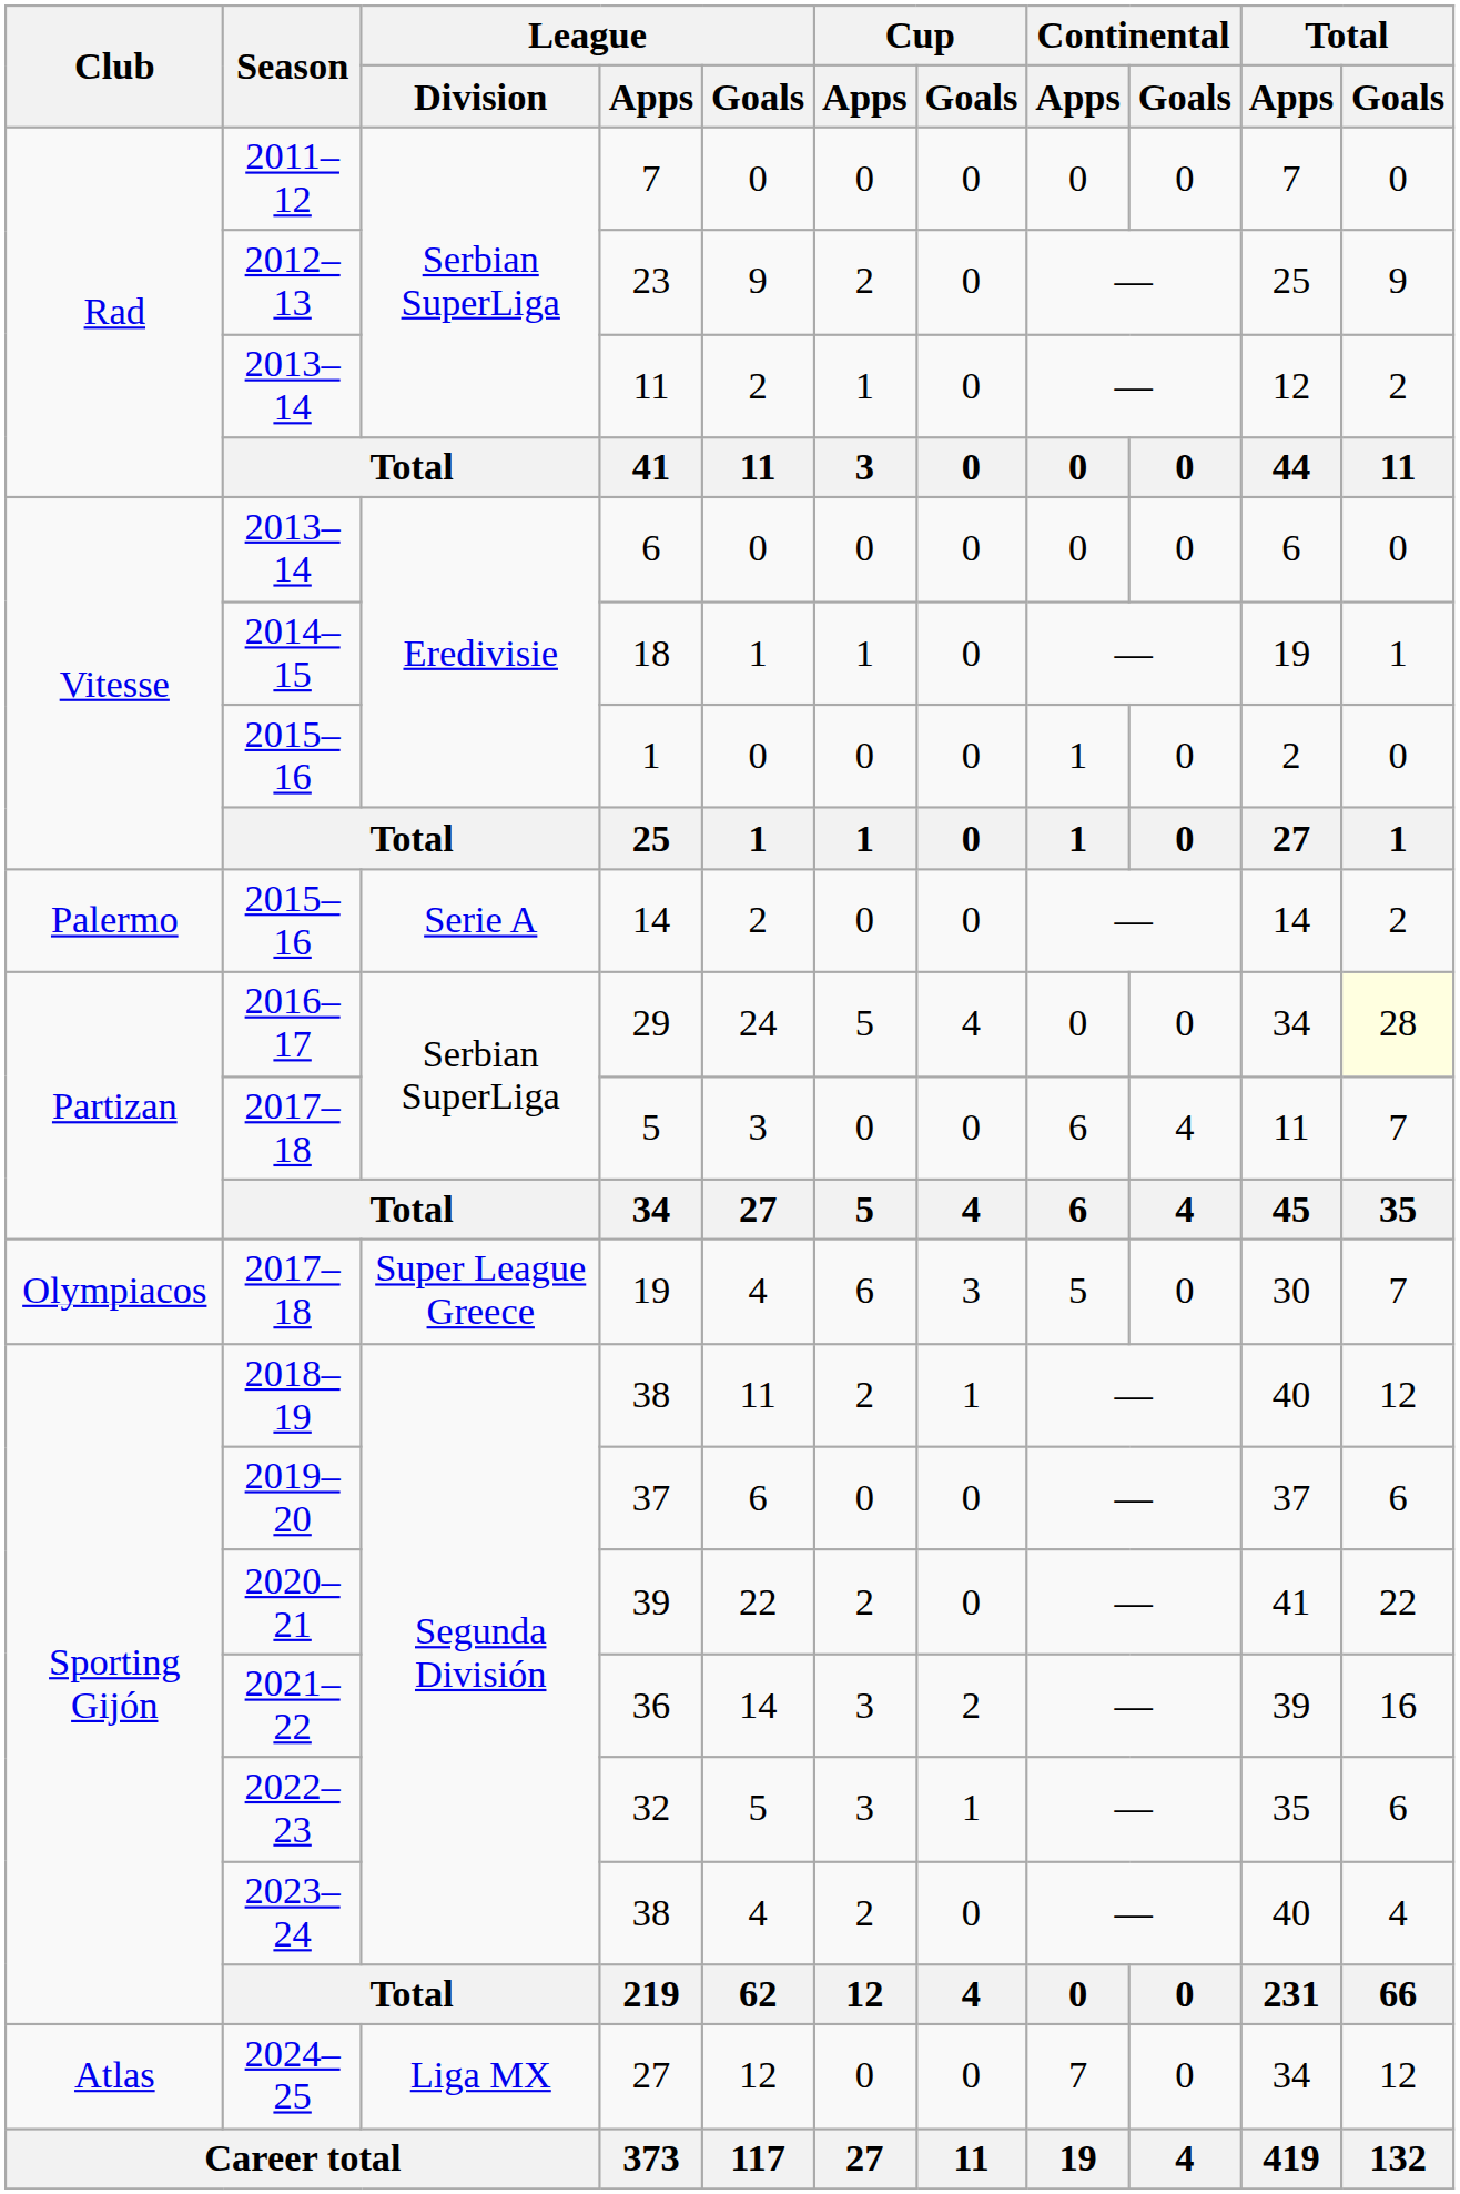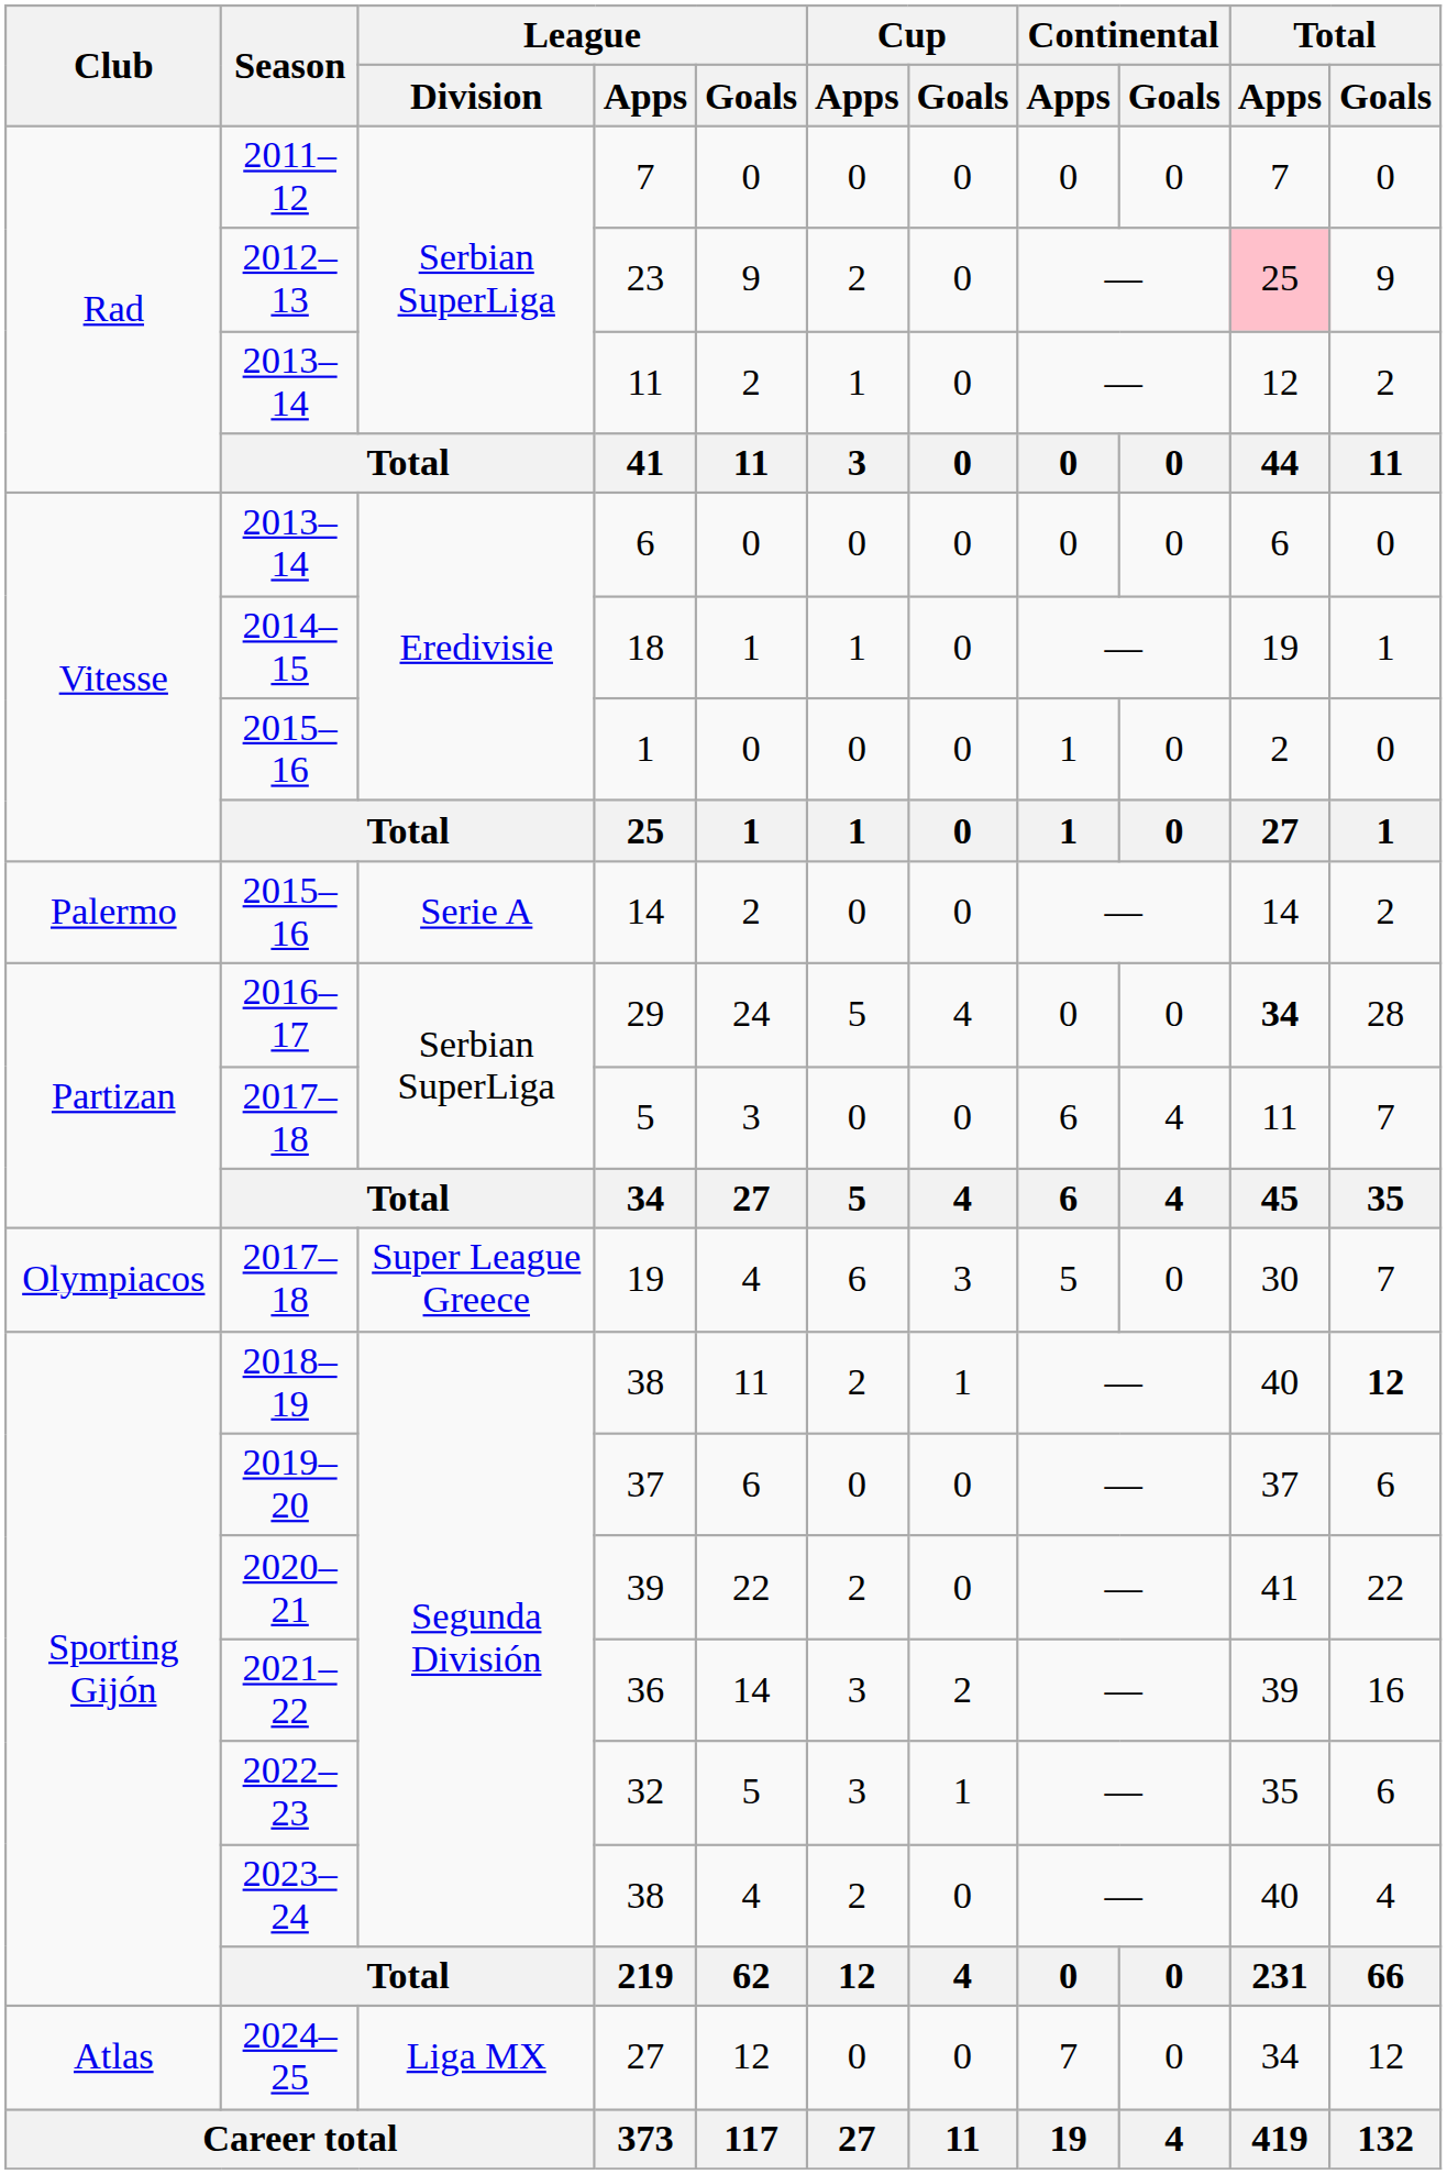 <table class="wikitable" style="text-align:center">
 <tr>
 <th rowspan="2">Club</th>
 <th rowspan="2">Season</th>
 <th colspan="3">League</th>
 <th colspan="2">Cup</th>
 <th colspan="2">Continental</th>
 <th colspan="2">Total</th>
 </tr>
 <tr>
 <th>Division</th>
 <th>Apps</th>
 <th>Goals</th>
 <th>Apps</th>
 <th>Goals</th>
 <th>Apps</th>
 <th>Goals</th>
 <th>Apps</th>
 <th>Goals</th>
 </tr>
 <tr>
 <td rowspan="4"><a href='#'>Rad</a></td>
 <td><a href='#'>2011–12</a></td>
 <td rowspan="3"><a href='#'>Serbian SuperLiga</a></td>
 <td>7</td>
 <td>0</td>
 <td>0</td>
 <td>0</td>
 <td>0</td>
 <td>0</td>
 <td>7</td>
 <td>0</td>
 </tr>
 <tr>
 <td><a href='#'>2012–13</a></td>
 <td>23</td>
 <td>9</td>
 <td>2</td>
 <td>0</td>
 <td colspan="2">—</td>
-<td>25</td>
+<td style="background: pink;">25</td>
 <td>9</td>
 </tr>
 <tr>
 <td><a href='#'>2013–14</a></td>
 <td>11</td>
 <td>2</td>
 <td>1</td>
 <td>0</td>
 <td colspan="2">—</td>
 <td>12</td>
 <td>2</td>
 </tr>
 <tr>
 <th colspan="2">Total</th>
 <th>41</th>
 <th>11</th>
 <th>3</th>
 <th>0</th>
 <th>0</th>
 <th>0</th>
 <th>44</th>
 <th>11</th>
 </tr>
 <tr>
 <td rowspan="4"><a href='#'>Vitesse</a></td>
 <td><a href='#'>2013–14</a></td>
 <td rowspan="3"><a href='#'>Eredivisie</a></td>
 <td>6</td>
 <td>0</td>
 <td>0</td>
 <td>0</td>
 <td>0</td>
 <td>0</td>
 <td>6</td>
 <td>0</td>
 </tr>
 <tr>
 <td><a href='#'>2014–15</a></td>
 <td>18</td>
 <td>1</td>
 <td>1</td>
 <td>0</td>
 <td colspan="2">—</td>
 <td>19</td>
 <td>1</td>
 </tr>
 <tr>
 <td><a href='#'>2015–16</a></td>
 <td>1</td>
 <td>0</td>
 <td>0</td>
 <td>0</td>
 <td>1</td>
 <td>0</td>
 <td>2</td>
 <td>0</td>
 </tr>
 <tr>
 <th colspan="2">Total</th>
 <th>25</th>
 <th>1</th>
 <th>1</th>
 <th>0</th>
 <th>1</th>
 <th>0</th>
 <th>27</th>
 <th>1</th>
 </tr>
 <tr>
 <td><a href='#'>Palermo</a></td>
 <td><a href='#'>2015–16</a></td>
 <td><a href='#'>Serie A</a></td>
 <td>14</td>
 <td>2</td>
 <td>0</td>
 <td>0</td>
 <td colspan="2">—</td>
 <td>14</td>
 <td>2</td>
 </tr>
 <tr>
 <td rowspan="3"><a href='#'>Partizan</a></td>
 <td><a href='#'>2016–17</a></td>
 <td rowspan="2">Serbian SuperLiga</td>
 <td>29</td>
 <td>24</td>
 <td>5</td>
 <td>4</td>
 <td>0</td>
 <td>0</td>
-<td>34</td>
-<td style="background: lightyellow;">28</td>
+<td><strong>34</strong></td>
+<td>28</td>
 </tr>
 <tr>
 <td><a href='#'>2017–18</a></td>
 <td>5</td>
 <td>3</td>
 <td>0</td>
 <td>0</td>
 <td>6</td>
 <td>4</td>
 <td>11</td>
 <td>7</td>
 </tr>
 <tr>
 <th colspan="2">Total</th>
 <th>34</th>
 <th>27</th>
 <th>5</th>
 <th>4</th>
 <th>6</th>
 <th>4</th>
 <th>45</th>
 <th>35</th>
 </tr>
 <tr>
 <td><a href='#'>Olympiacos</a></td>
 <td><a href='#'>2017–18</a></td>
 <td><a href='#'>Super League Greece</a></td>
 <td>19</td>
 <td>4</td>
 <td>6</td>
 <td>3</td>
 <td>5</td>
 <td>0</td>
 <td>30</td>
 <td>7</td>
 </tr>
 <tr>
 <td rowspan="7"><a href='#'>Sporting Gijón</a></td>
 <td><a href='#'>2018–19</a></td>
 <td rowspan="6"><a href='#'>Segunda División</a></td>
 <td>38</td>
 <td>11</td>
 <td>2</td>
 <td>1</td>
 <td colspan="2">—</td>
 <td>40</td>
-<td>12</td>
+<td><strong>12</strong></td>
 </tr>
 <tr>
 <td><a href='#'>2019–20</a></td>
 <td>37</td>
 <td>6</td>
 <td>0</td>
 <td>0</td>
 <td colspan="2">—</td>
 <td>37</td>
 <td>6</td>
 </tr>
 <tr>
 <td><a href='#'>2020–21</a></td>
 <td>39</td>
 <td>22</td>
 <td>2</td>
 <td>0</td>
 <td colspan="2">—</td>
 <td>41</td>
 <td>22</td>
 </tr>
 <tr>
 <td><a href='#'>2021–22</a></td>
 <td>36</td>
 <td>14</td>
 <td>3</td>
 <td>2</td>
 <td colspan="2">—</td>
 <td>39</td>
 <td>16</td>
 </tr>
 <tr>
 <td><a href='#'>2022–23</a></td>
 <td>32</td>
 <td>5</td>
 <td>3</td>
 <td>1</td>
 <td colspan="2">—</td>
 <td>35</td>
 <td>6</td>
 </tr>
 <tr>
 <td><a href='#'>2023–24</a></td>
 <td>38</td>
 <td>4</td>
 <td>2</td>
 <td>0</td>
 <td colspan="2">—</td>
 <td>40</td>
 <td>4</td>
 </tr>
 <tr>
 <th colspan="2">Total</th>
 <th>219</th>
 <th>62</th>
 <th>12</th>
 <th>4</th>
 <th>0</th>
 <th>0</th>
 <th>231</th>
 <th>66</th>
 </tr>
 <tr>
 <td><a href='#'>Atlas</a></td>
 <td><a href='#'>2024–25</a></td>
 <td><a href='#'>Liga MX</a></td>
 <td>27</td>
 <td>12</td>
 <td>0</td>
 <td>0</td>
 <td>7</td>
 <td>0</td>
 <td>34</td>
 <td>12</td>
 </tr>
 <tr>
 <th colspan="3">Career total</th>
 <th>373</th>
 <th>117</th>
 <th>27</th>
 <th>11</th>
 <th>19</th>
 <th>4</th>
 <th>419</th>
 <th>132</th>
 </tr>
 </table>
